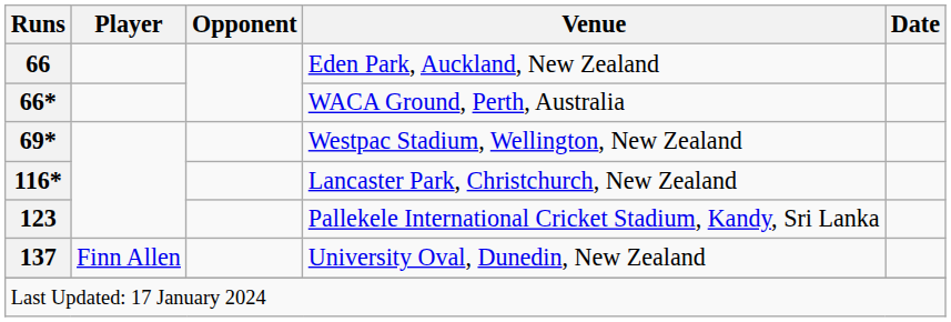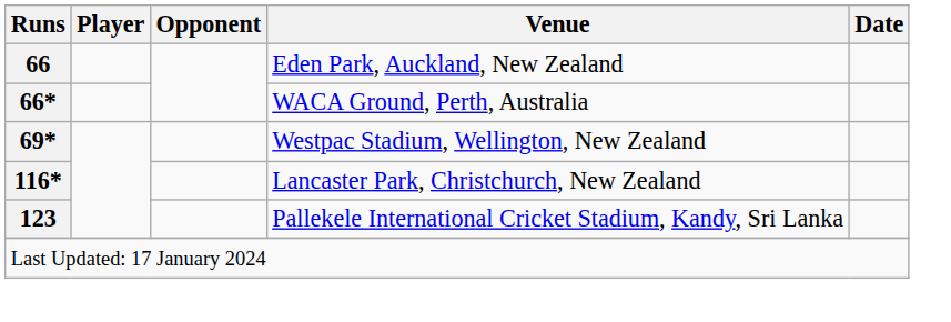 <table class="wikitable plainrowheaders sortable">
 <tr>
 <th scope=col>Runs</th>
 <th scope=col>Player</th>
 <th scope=col>Opponent</th>
 <th scope=col>Venue</th>
 <th scope=col>Date</th>
 </tr>
 <tr>
 <th>66</th>
 <td></td>
 <td rowspan=2></td>
 <td><a href='#'>Eden Park</a>, <a href='#'>Auckland</a>, New Zealand</td>
 <td></td>
 </tr>
 <tr>
 <th>66*</th>
 <td></td>
 <td><a href='#'>WACA Ground</a>, <a href='#'>Perth</a>, Australia</td>
 <td></td>
 </tr>
 <tr>
 <th>69*</th>
 <td rowspan=3></td>
 <td></td>
 <td><a href='#'>Westpac Stadium</a>, <a href='#'>Wellington</a>, New Zealand</td>
 <td></td>
 </tr>
 <tr>
 <th>116*</th>
 <td></td>
 <td><a href='#'>Lancaster Park</a>, <a href='#'>Christchurch</a>, New Zealand</td>
 <td></td>
 </tr>
 <tr>
 <th>123</th>
 <td></td>
 <td><a href='#'>Pallekele International Cricket Stadium</a>, <a href='#'>Kandy</a>, Sri Lanka</td>
 <td> </td>
 </tr>
 <tr>
-<th>137</th>
-<td><a href='#'>Finn Allen</a></td>
-<td></td>
-<td><a href='#'>University Oval</a>, <a href='#'>Dunedin</a>, New Zealand</td>
-<td></td>
-</tr>
-<tr>
 </tr>
 <tr class=sortbottom>
 <td colspan=5><small>Last Updated: 17 January 2024</small></td>
 </tr>
 </table>
